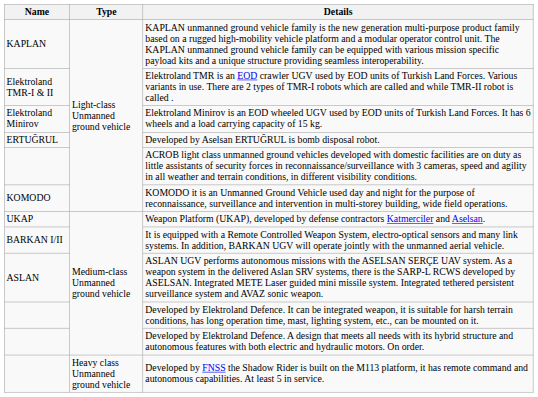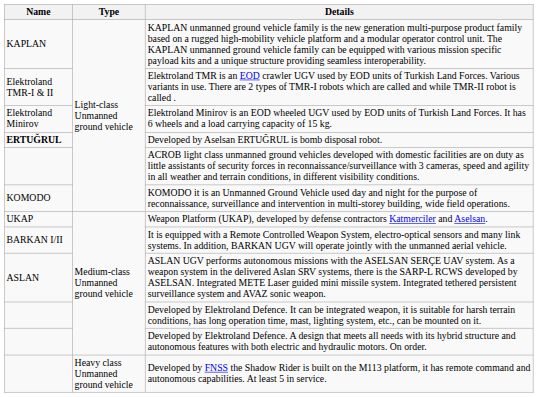 <table class="wikitable">
 <tr>
 <th>Name</th>
 <th>Type</th>
 <th>Details</th>
 </tr>
 <tr>
 <td>KAPLAN</td>
 <td rowspan="6">Light-class Unmanned ground vehicle</td>
 <td>KAPLAN unmanned ground vehicle family is the new generation multi-purpose product family based on a rugged high-mobility vehicle platform and a modular operator control unit. The KAPLAN unmanned ground vehicle family can be equipped with various mission specific payload kits and a unique structure providing seamless interoperability.</td>
 </tr>
 <tr>
 <td>Elektroland TMR-I & II</td>
 <td>Elektroland TMR is an <a href='#'>EOD</a> crawler UGV used by EOD units of Turkish Land Forces. Various variants in use. There are 2 types of TMR-I robots which are called  and  while TMR-II robot is called .</td>
 </tr>
 <tr>
 <td>Elektroland Minirov</td>
 <td>Elektroland Minirov is an EOD wheeled UGV used by EOD units of Turkish Land Forces. It has 6 wheels and a load carrying capacity of 15 kg.</td>
 </tr>
 <tr>
-<td>ERTUĞRUL</td>
+<td><strong>ERTUĞRUL</strong></td>
 <td>Developed by Aselsan ERTUĞRUL is bomb disposal robot.</td>
 </tr>
 <tr>
 <td></td>
 <td>ACROB light class unmanned ground vehicles developed with domestic facilities are on duty as little assistants of security forces in reconnaissance/surveillance with 3 cameras, speed and agility in all weather and terrain conditions, in different visibility conditions.</td>
 </tr>
 <tr>
 <td>KOMODO</td>
 <td>KOMODO it is an Unmanned Ground Vehicle used day and night for the purpose of reconnaissance, surveillance and intervention in multi-storey building, wide field operations.</td>
 </tr>
 <tr>
 <td>UKAP</td>
 <td rowspan="5">Medium-class Unmanned ground vehicle</td>
 <td>Weapon Platform (UKAP), developed by defense contractors <a href='#'>Katmerciler</a> and <a href='#'>Aselsan</a>.</td>
 </tr>
 <tr>
 <td>BARKAN I/II</td>
 <td>It is equipped with a Remote Controlled Weapon System, electro-optical sensors and many link systems. In addition, BARKAN UGV will operate jointly with the unmanned aerial vehicle.</td>
 </tr>
 <tr>
 <td>ASLAN</td>
 <td>ASLAN UGV performs autonomous missions with the ASELSAN SERÇE UAV system. As a weapon system in the delivered Aslan SRV systems, there is the SARP-L RCWS developed by ASELSAN. Integrated METE Laser guided mini missile system. Integrated  tethered persistent surveillance system and AVAZ sonic weapon.</td>
 </tr>
 <tr>
 <td></td>
 <td>Developed by Elektroland Defence. It can be integrated weapon, it is suitable for harsh terrain conditions, has long operation time, mast, lighting system, etc., can be mounted on it.</td>
 </tr>
 <tr>
 <td></td>
 <td>Developed by Elektroland Defence. A design that meets all needs with its hybrid structure and autonomous features with both electric and hydraulic motors. On order.</td>
 </tr>
 <tr>
 <td></td>
 <td>Heavy class Unmanned ground vehicle</td>
 <td>Developed by <a href='#'>FNSS</a> the Shadow Rider is built on the M113 platform, it has remote command and autonomous capabilities. At least 5 in service.</td>
 </tr>
 </table>
